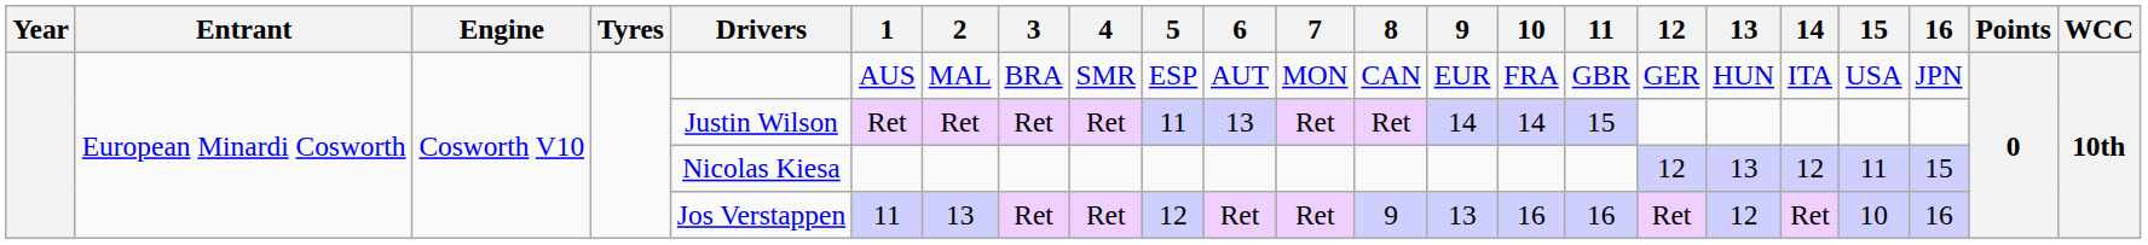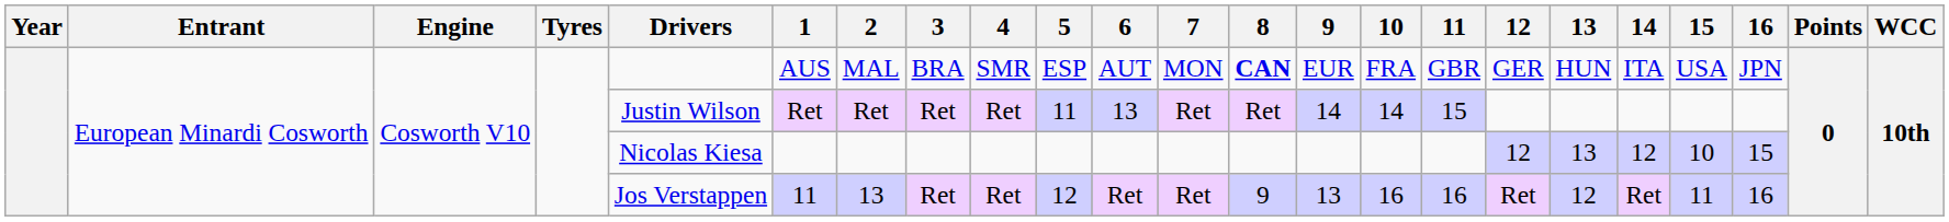 <table class="wikitable" style="text-align:center; font-size:95%">
 <tr>
 <th>Year</th>
 <th>Entrant</th>
 <th>Engine</th>
 <th>Tyres</th>
 <th>Drivers</th>
 <th>1</th>
 <th>2</th>
 <th>3</th>
 <th>4</th>
 <th>5</th>
 <th>6</th>
 <th>7</th>
 <th>8</th>
 <th>9</th>
 <th>10</th>
 <th>11</th>
 <th>12</th>
 <th>13</th>
 <th>14</th>
 <th>15</th>
 <th>16</th>
 <th>Points</th>
 <th>WCC</th>
 </tr>
 <tr>
 <th rowspan="4"></th>
 <td rowspan="4"><a href='#'>European</a> <a href='#'>Minardi</a> <a href='#'>Cosworth</a></td>
 <td rowspan="4"><a href='#'>Cosworth</a> <a href='#'>V10</a></td>
 <td rowspan="4"></td>
 <td></td>
 <td><a href='#'>AUS</a></td>
 <td><a href='#'>MAL</a></td>
 <td><a href='#'>BRA</a></td>
 <td><a href='#'>SMR</a></td>
 <td><a href='#'>ESP</a></td>
 <td><a href='#'>AUT</a></td>
 <td><a href='#'>MON</a></td>
-<td><a href='#'>CAN</a></td>
+<td><strong><a href='#'>CAN</a></strong></td>
 <td><a href='#'>EUR</a></td>
 <td><a href='#'>FRA</a></td>
 <td><a href='#'>GBR</a></td>
 <td><a href='#'>GER</a></td>
 <td><a href='#'>HUN</a></td>
 <td><a href='#'>ITA</a></td>
 <td><a href='#'>USA</a></td>
 <td><a href='#'>JPN</a></td>
 <th rowspan="4"><strong>0</strong></th>
 <th rowspan="4"><strong>10th</strong></th>
 </tr>
 <tr>
 <td> <a href='#'>Justin Wilson</a></td>
 <td style="background:#EFCFFF;">Ret</td>
 <td style="background:#EFCFFF;">Ret</td>
 <td style="background:#EFCFFF;">Ret</td>
 <td style="background:#EFCFFF;">Ret</td>
 <td style="background:#CFCFFF;">11</td>
 <td style="background:#CFCFFF;">13</td>
 <td style="background:#EFCFFF;">Ret</td>
 <td style="background:#EFCFFF;">Ret</td>
 <td style="background:#CFCFFF;">14</td>
 <td style="background:#CFCFFF;">14</td>
 <td style="background:#CFCFFF;">15</td>
 <td></td>
 <td></td>
 <td></td>
 <td></td>
 <td></td>
 </tr>
 <tr>
 <td> <a href='#'>Nicolas Kiesa</a></td>
 <td></td>
 <td></td>
 <td></td>
 <td></td>
 <td></td>
 <td></td>
 <td></td>
 <td></td>
 <td></td>
 <td></td>
 <td></td>
 <td style="background:#CFCFFF;">12</td>
 <td style="background:#CFCFFF;">13</td>
 <td style="background:#CFCFFF;">12</td>
-<td style="background:#CFCFFF;">11</td>
+<td style="background:#CFCFFF;">10</td>
 <td style="background:#CFCFFF;">15</td>
 </tr>
 <tr>
 <td> <a href='#'>Jos Verstappen</a></td>
 <td style="background:#CFCFFF;">11</td>
 <td style="background:#CFCFFF;">13</td>
 <td style="background:#EFCFFF;">Ret</td>
 <td style="background:#EFCFFF;">Ret</td>
 <td style="background:#CFCFFF;">12</td>
 <td style="background:#EFCFFF;">Ret</td>
 <td style="background:#EFCFFF;">Ret</td>
 <td style="background:#CFCFFF;">9</td>
 <td style="background:#CFCFFF;">13</td>
 <td style="background:#CFCFFF;">16</td>
 <td style="background:#CFCFFF;">16</td>
 <td style="background:#EFCFFF;">Ret</td>
 <td style="background:#CFCFFF;">12</td>
 <td style="background:#EFCFFF;">Ret</td>
-<td style="background:#CFCFFF;">10</td>
+<td style="background:#CFCFFF;">11</td>
 <td style="background:#CFCFFF;">16</td>
 </tr>
 </table>
